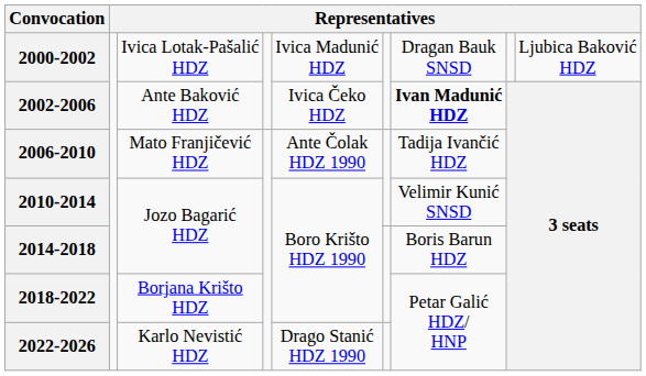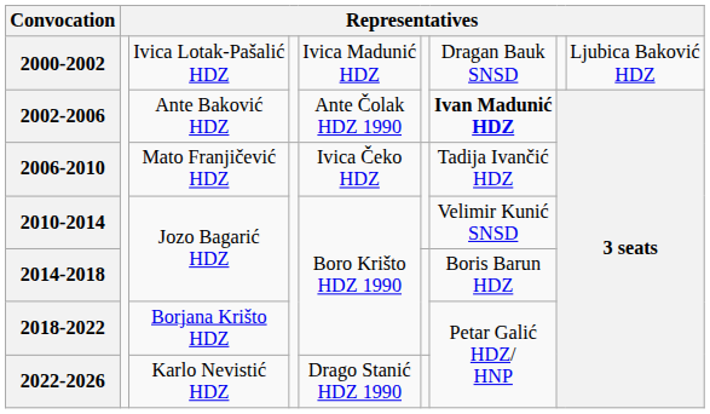 <table class="wikitable" style="text-align:center">
 <tr>
 <th>Convocation</th>
 <th colspan=8>Representatives</th>
 </tr>
 <tr>
 <th>2000-2002</th>
 <td rowspan=7; style="background-color: "></td>
 <td>Ivica Lotak-Pašalić<br><a href='#'>HDZ</a></td>
 <td rowspan=2; style="background-color: "></td>
 <td>Ivica Madunić<br><a href='#'>HDZ</a></td>
 <td rowspan=2; style="background-color: "></td>
 <td>Dragan Bauk<br><a href='#'>SNSD</a></td>
 <td rowspan=1; style="background-color: "></td>
 <td>Ljubica Baković<br><a href='#'>HDZ</a></td>
 </tr>
 <tr>
 <th>2002-2006</th>
 <td>Ante Baković<br><a href='#'>HDZ</a></td>
-<td>Ivica Čeko<br><a href='#'>HDZ</a></td>
+<td>Ante Čolak<br><a href='#'>HDZ 1990</a></td>
 <td><strong>Ivan Madunić<br><a href='#'>HDZ</a></strong></td>
 <th colspan=2; rowspan=6>3 seats</th>
 </tr>
 <tr>
 <th>2006-2010</th>
 <td>Mato Franjičević<br><a href='#'>HDZ</a></td>
 <td rowspan=5; style="background-color: "></td>
-<td>Ante Čolak<br><a href='#'>HDZ 1990</a></td>
+<td>Ivica Čeko<br><a href='#'>HDZ</a></td>
 <td rowspan=2; style="background-color: "></td>
 <td>Tadija Ivančić<br><a href='#'>HDZ</a></td>
 </tr>
 <tr>
 <th>2010-2014</th>
 <td rowspan=2>Jozo Bagarić<br><a href='#'>HDZ</a></td>
 <td rowspan=3>Boro Krišto<br><a href='#'>HDZ 1990</a></td>
 <td>Velimir Kunić<br><a href='#'>SNSD</a></td>
 </tr>
 <tr>
 <th>2014-2018</th>
 <td rowspan=2; style="background-color: "></td>
 <td>Boris Barun<br><a href='#'>HDZ</a></td>
 </tr>
 <tr>
 <th>2018-2022</th>
 <td><a href='#'>Borjana Krišto</a><br><a href='#'>HDZ</a></td>
 <td rowspan=2>Petar Galić<br><a href='#'>HDZ</a>/<br><a href='#'>HNP</a></td>
 </tr>
 <tr>
 <th>2022-2026</th>
 <td>Karlo Nevistić<br><a href='#'>HDZ</a></td>
 <td>Drago Stanić<br><a href='#'>HDZ 1990</a></td>
 <td rowspan=1; style="background-color: "></td>
 </tr>
 </table>
